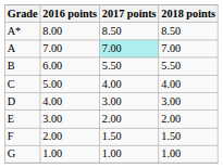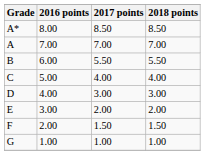 <table class="wikitable floatright">
 <tr>
 </tr>
 <tr>
 <th>Grade</th>
 <th>2016 points</th>
 <th>2017 points</th>
 <th>2018 points</th>
 </tr>
 <tr>
 <td>A*</td>
 <td>8.00</td>
 <td>8.50</td>
 <td>8.50</td>
 </tr>
 <tr>
 <td>A</td>
 <td>7.00</td>
-<td style="background: paleturquoise;">7.00</td>
+<td>7.00</td>
 <td>7.00</td>
 </tr>
 <tr>
 <td>B</td>
 <td>6.00</td>
 <td>5.50</td>
 <td>5.50</td>
 </tr>
 <tr>
 <td>C</td>
 <td>5.00</td>
 <td>4.00</td>
 <td>4.00</td>
 </tr>
 <tr>
 <td>D</td>
 <td>4.00</td>
 <td>3.00</td>
 <td>3.00</td>
 </tr>
 <tr>
 <td>E</td>
 <td>3.00</td>
 <td>2.00</td>
 <td>2.00</td>
 </tr>
 <tr>
 <td>F</td>
 <td>2.00</td>
 <td>1.50</td>
 <td>1.50</td>
 </tr>
 <tr>
 <td>G</td>
 <td>1.00</td>
 <td>1.00</td>
 <td>1.00</td>
 </tr>
 <tr>
 </tr>
 </table>
